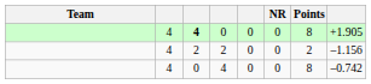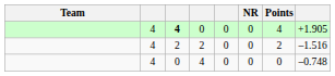 <table class="wikitable" style="text-align:center;">
 <tr>
 <th width=200>Team</th>
 <th width=30></th>
 <th width=30></th>
 <th width=30></th>
 <th width=30></th>
 <th width=30 abbr="No result">NR</th>
 <th width=30 abbr="Points">Points</th>
 <th width=30></th>
 </tr>
 <tr style="background:#cfc">
 <td align="left"></td>
 <td>4</td>
 <td><strong>4</strong></td>
 <td>0</td>
 <td>0</td>
 <td>0</td>
-<td>8</td>
+<td>4</td>
 <td>+1.905</td>
 </tr>
 <tr>
 <td align="left"></td>
 <td>4</td>
 <td>2</td>
 <td>2</td>
 <td>0</td>
 <td>0</td>
 <td>2</td>
-<td>–1.156</td>
+<td>–1.516</td>
 </tr>
 <tr>
 <td align="left"></td>
 <td>4</td>
 <td>0</td>
 <td>4</td>
 <td>0</td>
 <td>0</td>
-<td>8</td>
-<td>–0.742</td>
+<td>0</td>
+<td>–0.748</td>
 </tr>
 </table>
